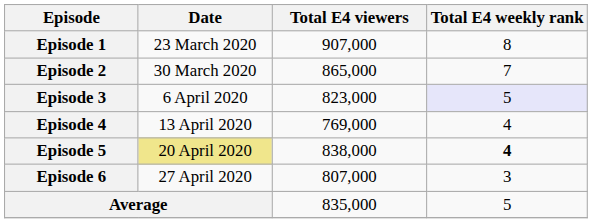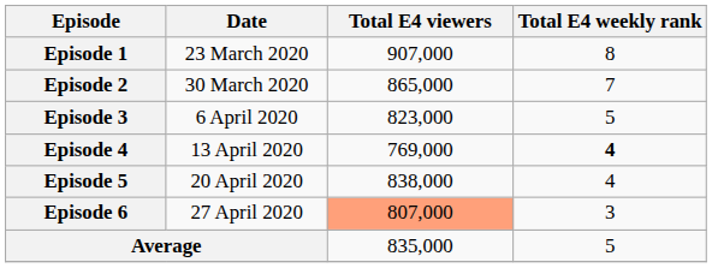 <table class="wikitable sortable" style="text-align:center">
 <tr>
 <th scope="col" style="width:120px;">Episode</th>
 <th scope="col" style="width:120px;">Date</th>
 <th scope="col" style="width:140px;">Total E4 viewers</th>
 <th>Total E4 weekly rank</th>
 </tr>
 <tr>
 <th scope="row">Episode 1</th>
 <td>23 March 2020</td>
 <td>907,000</td>
 <td>8</td>
 </tr>
 <tr>
 <th scope="row">Episode 2</th>
 <td>30 March 2020</td>
 <td>865,000</td>
 <td>7</td>
 </tr>
 <tr>
 <th scope="row">Episode 3</th>
 <td>6 April 2020</td>
 <td>823,000</td>
-<td style="background: lavender;">5</td>
+<td>5</td>
 </tr>
 <tr>
 <th scope="row">Episode 4</th>
 <td>13 April 2020</td>
 <td>769,000</td>
-<td>4</td>
+<td><strong>4</strong></td>
 </tr>
 <tr>
 <th scope="row">Episode 5</th>
-<td style="background: khaki;">20 April 2020</td>
+<td>20 April 2020</td>
 <td>838,000</td>
-<td><strong>4</strong></td>
+<td>4</td>
 </tr>
 <tr>
 <th scope="row">Episode 6</th>
 <td>27 April 2020</td>
-<td>807,000</td>
+<td style="background: lightsalmon;">807,000</td>
 <td>3</td>
 </tr>
 <tr>
 <th scope="row" colspan="2">Average</th>
 <td>835,000</td>
 <td>5</td>
 </tr>
 <tr>
 </tr>
 </table>
